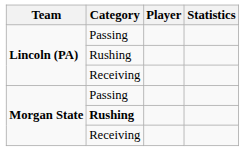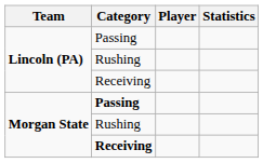 <table class="wikitable" style="float: right;">
 <tr>
 <th>Team</th>
 <th>Category</th>
 <th>Player</th>
 <th>Statistics</th>
 </tr>
 <tr>
 <td rowspan=3><strong>Lincoln (PA)</strong></td>
 <td>Passing</td>
 <td></td>
 <td></td>
 </tr>
 <tr>
 <td>Rushing</td>
 <td></td>
 <td></td>
 </tr>
 <tr>
 <td>Receiving</td>
 <td></td>
 <td></td>
 </tr>
 <tr>
 <td rowspan=3><strong>Morgan State</strong></td>
-<td>Passing</td>
+<td><strong>Passing</strong></td>
 <td></td>
 <td></td>
 </tr>
 <tr>
-<td><strong>Rushing</strong></td>
+<td>Rushing</td>
 <td></td>
 <td></td>
 </tr>
 <tr>
-<td>Receiving</td>
+<td><strong>Receiving</strong></td>
 <td></td>
 <td></td>
 </tr>
 </table>
